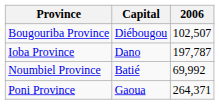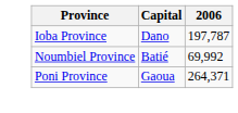 <table class="wikitable" | style="clear:right; float:right;">
 <tr>
 <th>Province</th>
 <th>Capital</th>
 <th>2006</th>
-</tr>
-<tr>
-<td><a href='#'>Bougouriba Province</a></td>
-<td><a href='#'>Diébougou</a></td>
-<td>102,507</td>
 </tr>
 <tr>
 <td><a href='#'>Ioba Province</a></td>
 <td><a href='#'>Dano</a></td>
 <td>197,787</td>
 </tr>
 <tr>
 <td><a href='#'>Noumbiel Province</a></td>
 <td><a href='#'>Batié</a></td>
 <td>69,992</td>
 </tr>
 <tr>
 <td><a href='#'>Poni Province</a></td>
 <td><a href='#'>Gaoua</a></td>
 <td>264,371</td>
 </tr>
 </table>
